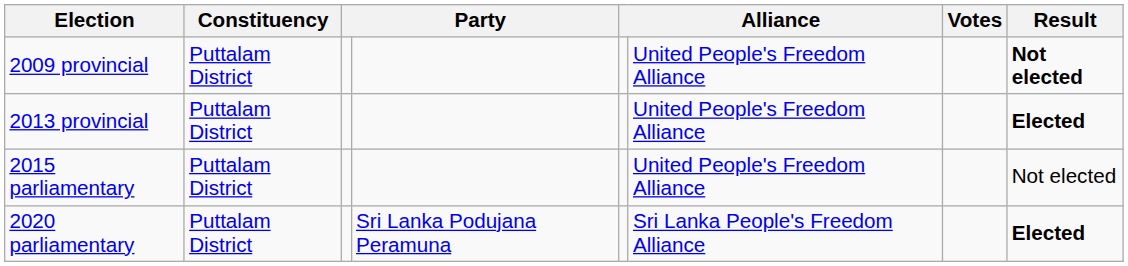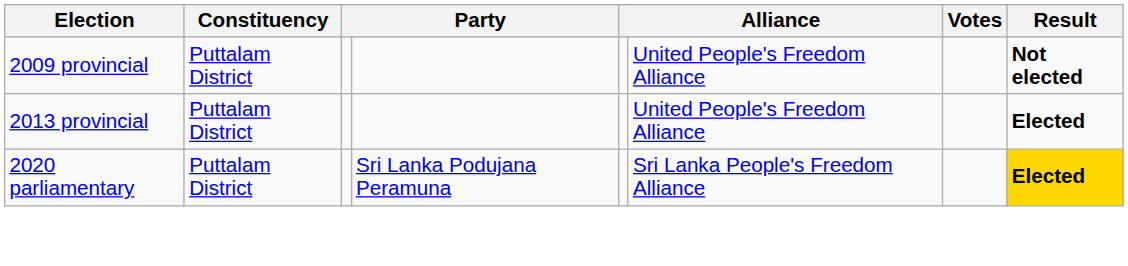 <table class="wikitable" style="text-align:left;">
 <tr>
 <th scope=col>Election</th>
 <th scope=col>Constituency</th>
 <th scope=col colspan="2">Party</th>
 <th scope=col colspan="2">Alliance</th>
 <th scope=col>Votes</th>
 <th scope=col>Result</th>
 </tr>
 <tr>
 <td><a href='#'>2009 provincial</a></td>
 <td><a href='#'>Puttalam District</a></td>
 <td></td>
 <td></td>
 <td style="background:"></td>
 <td><a href='#'>United People's Freedom Alliance</a></td>
 <td align=right></td>
 <td><strong>Not elected</strong></td>
 </tr>
 <tr>
 <td><a href='#'>2013 provincial</a></td>
 <td><a href='#'>Puttalam District</a></td>
 <td></td>
 <td></td>
 <td style="background:"></td>
 <td><a href='#'>United People's Freedom Alliance</a></td>
 <td align=right></td>
 <td><strong>Elected</strong></td>
 </tr>
 <tr>
-<td><a href='#'>2015 parliamentary</a></td>
-<td><a href='#'>Puttalam District</a></td>
-<td></td>
-<td></td>
-<td style="background:"></td>
-<td><a href='#'>United People's Freedom Alliance</a></td>
-<td align=right></td>
-<td>Not elected</td>
-</tr>
-<tr>
 <td><a href='#'>2020 parliamentary</a></td>
 <td><a href='#'>Puttalam District</a></td>
 <td style="background:"></td>
 <td><a href='#'>Sri Lanka Podujana Peramuna</a></td>
 <td style="background:"></td>
 <td><a href='#'>Sri Lanka People's Freedom Alliance</a></td>
 <td align=right></td>
-<td><strong>Elected</strong></td>
+<td style="background: gold;"><strong>Elected</strong></td>
 </tr>
 </table>
